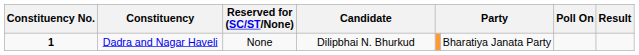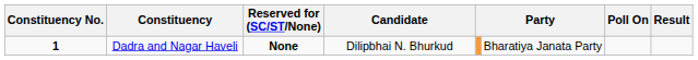 <table class="wikitable sortable" style="text-align:center">
 <tr>
 <th>Constituency No.</th>
 <th style="width:180px;">Constituency</th>
 <th>Reserved for<br>(<a href='#'>SC/ST</a>/None)</th>
 <th style="width:200px;">Candidate</th>
 <th colspan="2">Party</th>
 <th>Poll On</th>
 <th>Result</th>
 </tr>
 <tr>
 <td style="text-align:center;"><strong>1</strong></td>
 <td><a href='#'>Dadra and Nagar Haveli</a></td>
-<td>None</td>
+<td><strong>None</strong></td>
 <td>Dilipbhai N. Bhurkud</td>
 <td bgcolor=#FF9933></td>
 <td>Bharatiya Janata Party</td>
 <td></td>
 <td></td>
 </tr>
 </table>
